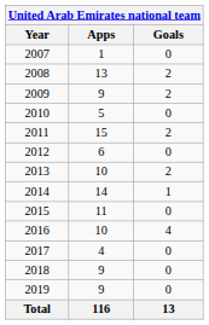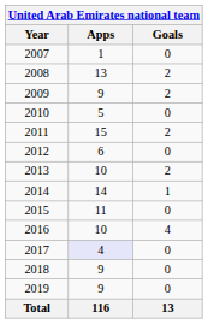 <table class="wikitable" style="text-align:center">
 <tr>
 <th colspan=3><a href='#'>United Arab Emirates national team</a></th>
 </tr>
 <tr>
 <th>Year</th>
 <th>Apps</th>
 <th>Goals</th>
 </tr>
 <tr>
 <td>2007</td>
 <td>1</td>
 <td>0</td>
 </tr>
 <tr>
 <td>2008</td>
 <td>13</td>
 <td>2</td>
 </tr>
 <tr>
 <td>2009</td>
 <td>9</td>
 <td>2</td>
 </tr>
 <tr>
 <td>2010</td>
 <td>5</td>
 <td>0</td>
 </tr>
 <tr>
 <td>2011</td>
 <td>15</td>
 <td>2</td>
 </tr>
 <tr>
 <td>2012</td>
 <td>6</td>
 <td>0</td>
 </tr>
 <tr>
 <td>2013</td>
 <td>10</td>
 <td>2</td>
 </tr>
 <tr>
 <td>2014</td>
 <td>14</td>
 <td>1</td>
 </tr>
 <tr>
 <td>2015</td>
 <td>11</td>
 <td>0</td>
 </tr>
 <tr>
 <td>2016</td>
 <td>10</td>
 <td>4</td>
 </tr>
 <tr>
 <td>2017</td>
-<td>4</td>
+<td style="background: lavender;">4</td>
 <td>0</td>
 </tr>
 <tr>
 <td>2018</td>
 <td>9</td>
 <td>0</td>
 </tr>
 <tr>
 <td>2019</td>
 <td>9</td>
 <td>0</td>
 </tr>
 <tr>
 <th>Total</th>
 <th>116</th>
 <th>13</th>
 </tr>
 </table>
